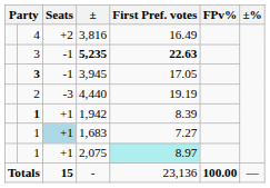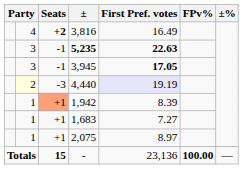 <table class=wikitable>
 <tr>
 <th colspan=2 align=center>Party</th>
 <th valign=top>Seats</th>
 <th valign=top>±</th>
 <th valign=top>First Pref. votes</th>
 <th valign=top>FPv%</th>
 <th valign=top>±%</th>
 </tr>
 <tr>
 <td></td>
 <td align=right>4</td>
-<td align=right>+2</td>
+<td align=right><strong>+2</strong></td>
 <td align=right>3,816</td>
 <td align=right>16.49</td>
 <td align=right></td>
 </tr>
 <tr>
 <td></td>
 <td align=right>3</td>
 <td align=right>-1</td>
 <td align=right><strong>5,235</strong></td>
 <td align=right><strong>22.63</strong></td>
 <td align=right></td>
 </tr>
 <tr>
 <td></td>
-<td align=right><strong>3</strong></td>
+<td align=right>3</td>
 <td align=right>-1</td>
 <td align=right>3,945</td>
-<td align=right>17.05</td>
+<td align=right><strong>17.05</strong></td>
 <td align=right></td>
 </tr>
 <tr>
 <td></td>
-<td align=right>2</td>
+<td align=right style="background: lightyellow;">2</td>
 <td align=right>-3</td>
 <td align=right>4,440</td>
-<td align=right>19.19</td>
+<td align=right style="background: lavender;">19.19</td>
 <td align=right></td>
 </tr>
 <tr>
 <td></td>
-<td align=right><strong>1</strong></td>
-<td align=right>+1</td>
+<td align=right>1</td>
+<td align=right style="background: lightsalmon;">+1</td>
 <td align=right>1,942</td>
 <td align=right>8.39</td>
 <td align=right></td>
 </tr>
 <tr>
 <td></td>
 <td align=right>1</td>
-<td align=right style="background: lightblue;">+1</td>
+<td align=right>+1</td>
 <td align=right>1,683</td>
 <td align=right>7.27</td>
 <td align=right></td>
 </tr>
 <tr>
 <td></td>
 <td align=right>1</td>
 <td align=right>+1</td>
 <td align=right>2,075</td>
-<td align=right style="background: paleturquoise;">8.97</td>
+<td align=right>8.97</td>
 <td align=right></td>
 </tr>
 <tr>
 <td colspan=2 align=center><strong>Totals</strong></td>
 <td align=right><strong>15</strong></td>
 <td align=center>-</td>
 <td align=right>23,136</td>
 <td align=center><strong>100.00</strong></td>
 <td align=center>—</td>
 </tr>
 </table>
